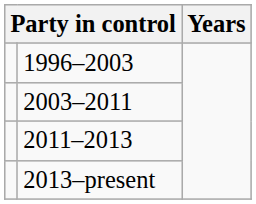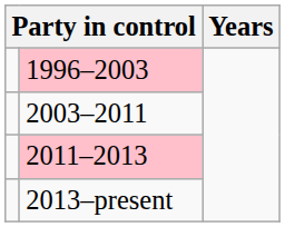 <table class="wikitable">
 <tr>
 <th colspan="2">Party in control</th>
 <th>Years</th>
 </tr>
 <tr>
 <td></td>
-<td>1996–2003</td>
+<td style="background: pink;">1996–2003</td>
 </tr>
 <tr>
 <td></td>
 <td>2003–2011</td>
 </tr>
 <tr>
 <td></td>
-<td>2011–2013</td>
+<td style="background: pink;">2011–2013</td>
 </tr>
 <tr>
 <td></td>
 <td>2013–present</td>
 </tr>
 </table>
